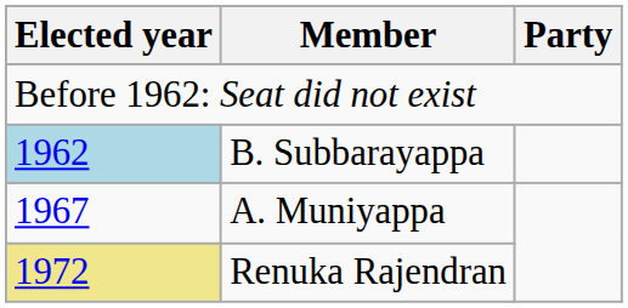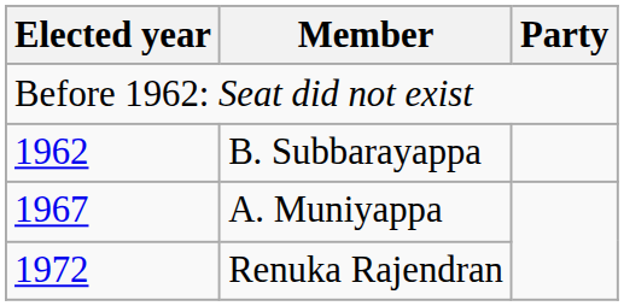 <table class="wikitable sortable">
 <tr>
 <th>Elected year</th>
 <th>Member</th>
 <th colspan=2>Party</th>
 </tr>
 <tr>
 <td colspan=4>Before 1962: <em>Seat did not exist</em></td>
 </tr>
 <tr>
-<td style="background: lightblue;"><a href='#'>1962</a></td>
+<td><a href='#'>1962</a></td>
 <td>B. Subbarayappa</td>
 <td></td>
 </tr>
 <tr>
 <td><a href='#'>1967</a></td>
 <td>A. Muniyappa</td>
 </tr>
 <tr>
-<td style="background: khaki;"><a href='#'>1972</a></td>
+<td><a href='#'>1972</a></td>
 <td>Renuka Rajendran</td>
 </tr>
 </table>
